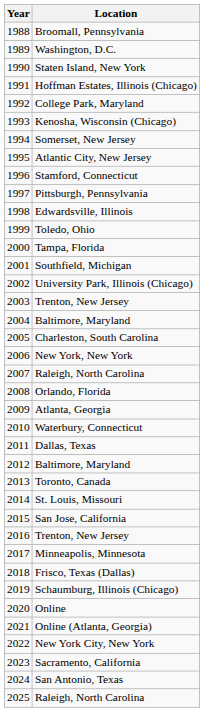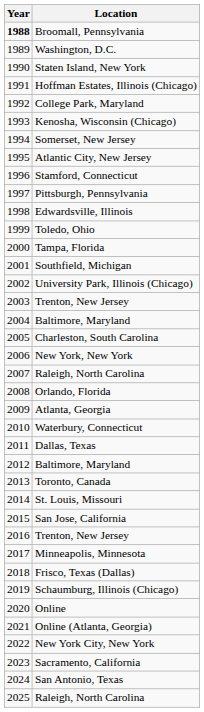 <table class="wikitable">
 <tr>
 <th>Year</th>
 <th>Location</th>
 </tr>
 <tr>
-<td>1988</td>
+<td><strong>1988</strong></td>
 <td>Broomall, Pennsylvania</td>
 </tr>
 <tr>
 <td>1989</td>
 <td>Washington, D.C.</td>
 </tr>
 <tr>
 <td>1990</td>
 <td>Staten Island, New York</td>
 </tr>
 <tr>
 <td>1991</td>
 <td>Hoffman Estates, Illinois (Chicago)</td>
 </tr>
 <tr>
 <td>1992</td>
 <td>College Park, Maryland</td>
 </tr>
 <tr>
 <td>1993</td>
 <td>Kenosha, Wisconsin (Chicago)</td>
 </tr>
 <tr>
 <td>1994</td>
 <td>Somerset, New Jersey</td>
 </tr>
 <tr>
 <td>1995</td>
 <td>Atlantic City, New Jersey</td>
 </tr>
 <tr>
 <td>1996</td>
 <td>Stamford, Connecticut</td>
 </tr>
 <tr>
 <td>1997</td>
 <td>Pittsburgh, Pennsylvania</td>
 </tr>
 <tr>
 <td>1998</td>
 <td>Edwardsville, Illinois</td>
 </tr>
 <tr>
 <td>1999</td>
 <td>Toledo, Ohio</td>
 </tr>
 <tr>
 <td>2000</td>
 <td>Tampa, Florida</td>
 </tr>
 <tr>
 <td>2001</td>
 <td>Southfield, Michigan</td>
 </tr>
 <tr>
 <td>2002</td>
 <td>University Park, Illinois (Chicago)</td>
 </tr>
 <tr>
 <td>2003</td>
 <td>Trenton, New Jersey</td>
 </tr>
 <tr>
 <td>2004</td>
 <td>Baltimore, Maryland</td>
 </tr>
 <tr>
 <td>2005</td>
 <td>Charleston, South Carolina</td>
 </tr>
 <tr>
 <td>2006</td>
 <td>New York, New York</td>
 </tr>
 <tr>
 <td>2007</td>
 <td>Raleigh, North Carolina</td>
 </tr>
 <tr>
 <td>2008</td>
 <td>Orlando, Florida</td>
 </tr>
 <tr>
 <td>2009</td>
 <td>Atlanta, Georgia</td>
 </tr>
 <tr>
 <td>2010</td>
 <td>Waterbury, Connecticut</td>
 </tr>
 <tr>
 <td>2011</td>
 <td>Dallas, Texas</td>
 </tr>
 <tr>
 <td>2012</td>
 <td>Baltimore, Maryland</td>
 </tr>
 <tr>
 <td>2013</td>
 <td>Toronto, Canada</td>
 </tr>
 <tr>
 <td>2014</td>
 <td>St. Louis, Missouri</td>
 </tr>
 <tr>
 <td>2015</td>
 <td>San Jose, California</td>
 </tr>
 <tr>
 <td>2016</td>
 <td>Trenton, New Jersey</td>
 </tr>
 <tr>
 <td>2017</td>
 <td>Minneapolis, Minnesota</td>
 </tr>
 <tr>
 <td>2018</td>
 <td>Frisco, Texas (Dallas)</td>
 </tr>
 <tr>
 <td>2019</td>
 <td>Schaumburg, Illinois (Chicago)</td>
 </tr>
 <tr>
 <td>2020</td>
 <td>Online</td>
 </tr>
 <tr>
 <td>2021</td>
 <td>Online (Atlanta, Georgia)</td>
 </tr>
 <tr>
 <td>2022</td>
 <td>New York City, New York</td>
 </tr>
 <tr>
 <td>2023</td>
 <td>Sacramento, California</td>
 </tr>
 <tr>
 <td>2024</td>
 <td>San Antonio, Texas</td>
 </tr>
 <tr>
 <td>2025</td>
 <td>Raleigh, North Carolina</td>
 </tr>
 </table>
